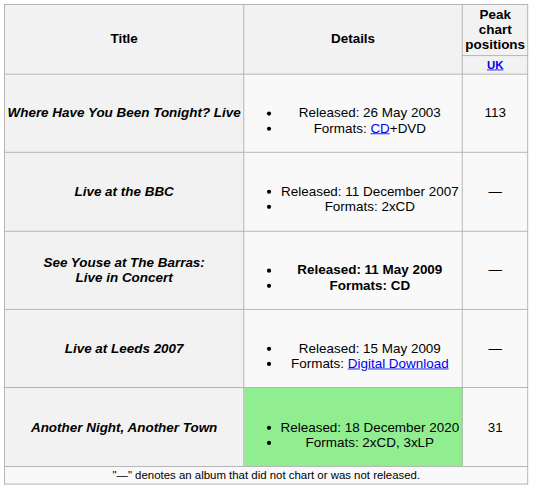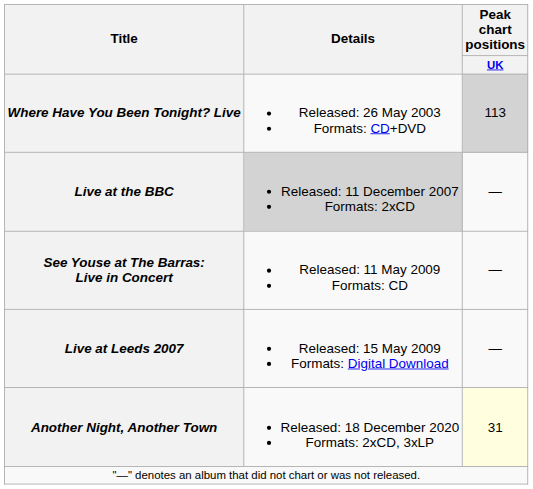 <table class="wikitable plainrowheaders" style="text-align:center;">
 <tr>
 <th scope="col" rowspan="2">Title</th>
 <th scope="col" rowspan="2">Details</th>
 <th scope="col" colspan="1">Peak chart positions</th>
 </tr>
 <tr>
 <th scope="col" style="width:3em;font-size:85%;"><a href='#'>UK</a></th>
 </tr>
 <tr>
 <th scope="row"><em>Where Have You Been Tonight? Live</em></th>
 <td><br><ul><li>Released: 26 May 2003</li><li>Formats: <a href='#'>CD</a>+DVD</li></ul></td>
-<td>113</td>
+<td style="background: lightgrey;">113</td>
 </tr>
 <tr>
 <th scope="row"><em>Live at the BBC</em></th>
-<td><br><ul><li>Released: 11 December 2007</li><li>Formats: 2xCD</li></ul></td>
+<td style="background: lightgrey;"><br><ul><li>Released: 11 December 2007</li><li>Formats: 2xCD</li></ul></td>
 <td>—</td>
 </tr>
 <tr>
 <th scope="row"><em>See Youse at The Barras:<br>Live in Concert</em></th>
-<td><strong><br><ul><li>Released: 11 May 2009</li><li>Formats: CD</li></ul></strong></td>
+<td><br><ul><li>Released: 11 May 2009</li><li>Formats: CD</li></ul></td>
 <td>—</td>
 </tr>
 <tr>
 <th scope="row"><em>Live at Leeds 2007</em></th>
 <td><br><ul><li>Released: 15 May 2009</li><li>Formats: <a href='#'>Digital Download</a></li></ul></td>
 <td>—</td>
 </tr>
 <tr>
 <th scope="row"><em>Another Night, Another Town</em></th>
-<td style="background: lightgreen;"><br><ul><li>Released: 18 December 2020</li><li>Formats: 2xCD, 3xLP</li></ul></td>
-<td>31</td>
+<td><br><ul><li>Released: 18 December 2020</li><li>Formats: 2xCD, 3xLP</li></ul></td>
+<td style="background: lightyellow;">31</td>
 </tr>
 <tr>
 <td colspan="22" style="text-align:center; font-size:85%;">"—" denotes an album that did not chart or was not released.</td>
 </tr>
 </table>
